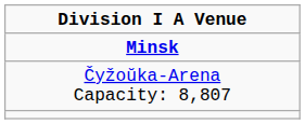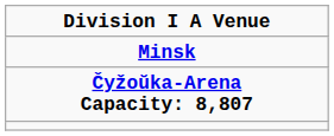 <table class="wikitable floatright" style="text-align:center;" width=220px>
 <tr>
 <td><strong>Division I A Venue</strong></td>
 </tr>
 <tr>
 <td width=220px><strong><a href='#'>Minsk</a></strong></td>
 </tr>
 <tr>
-<td><a href='#'>Čyžoŭka-Arena</a><br>Capacity: 8,807</td>
+<td><strong><a href='#'>Čyžoŭka-Arena</a><br>Capacity: 8,807</strong></td>
 </tr>
 <tr>
 <td></td>
 </tr>
 </table>
